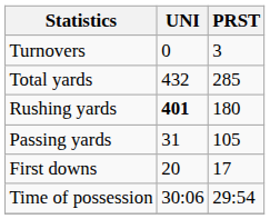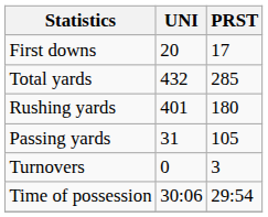 <table class="wikitable" style="float: left;">
 <tr>
 <th>Statistics</th>
 <th>UNI</th>
 <th>PRST</th>
 </tr>
 <tr>
-<td>Turnovers</td>
-<td>0</td>
-<td>3</td>
+<td>First downs</td>
+<td>20</td>
+<td>17</td>
 </tr>
 <tr>
 <td>Total yards</td>
 <td>432</td>
 <td>285</td>
 </tr>
 <tr>
 <td>Rushing yards</td>
-<td><strong>401</strong></td>
+<td>401</td>
 <td>180</td>
 </tr>
 <tr>
 <td>Passing yards</td>
 <td>31</td>
 <td>105</td>
 </tr>
 <tr>
-<td>First downs</td>
-<td>20</td>
-<td>17</td>
+<td>Turnovers</td>
+<td>0</td>
+<td>3</td>
 </tr>
 <tr>
 <td>Time of possession</td>
 <td>30:06</td>
 <td>29:54</td>
 </tr>
 <tr>
 </tr>
 </table>
